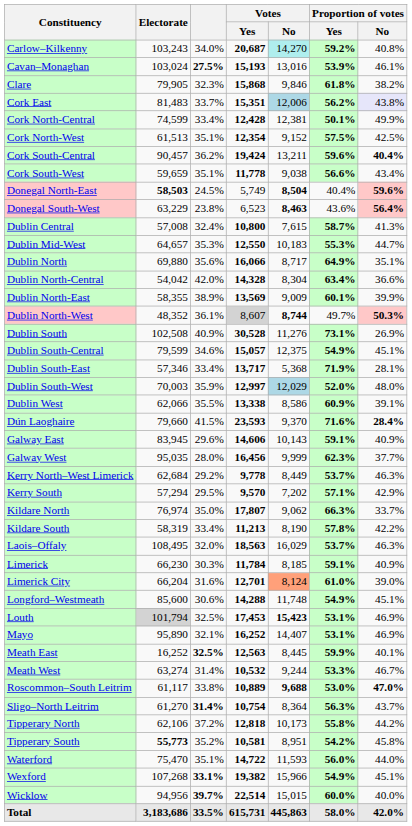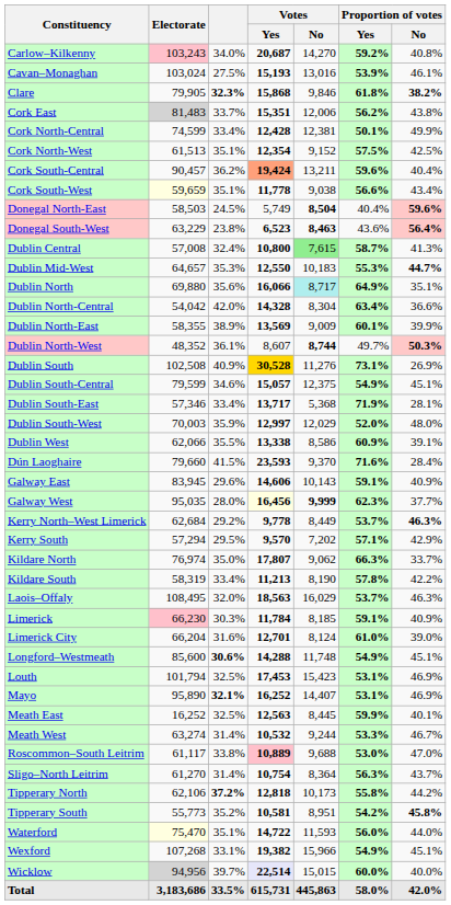 <table class="wikitable sortable">
 <tr>
 <th rowspan=2>Constituency</th>
 <th rowspan=2>Electorate</th>
 <th rowspan=2></th>
 <th colspan=2>Votes</th>
 <th colspan=2>Proportion of votes</th>
 </tr>
 <tr>
 <th>Yes</th>
 <th>No</th>
 <th>Yes</th>
 <th>No</th>
 </tr>
 <tr>
 <td style="background:#c8ffc8;"><a href='#'>Carlow–Kilkenny</a></td>
-<td style="text-align: right;">103,243</td>
+<td style="background: pink; text-align: right;">103,243</td>
 <td style="text-align: right;">34.0%</td>
 <td style="text-align: right;"><strong>20,687</strong></td>
-<td style="background: paleturquoise; text-align: right;">14,270</td>
+<td style="text-align: right;">14,270</td>
 <td style="text-align: right; background:#c8ffc8;"><strong>59.2%</strong></td>
 <td style="text-align: right;">40.8%</td>
 </tr>
 <tr>
 <td style="background:#c8ffc8;"><a href='#'>Cavan–Monaghan</a></td>
 <td style="text-align: right;">103,024</td>
-<td style="text-align: right;"><strong>27.5%</strong></td>
+<td style="text-align: right;">27.5%</td>
 <td style="text-align: right;"><strong>15,193</strong></td>
 <td style="text-align: right;">13,016</td>
 <td style="text-align: right; background:#c8ffc8;"><strong>53.9%</strong></td>
 <td style="text-align: right;">46.1%</td>
 </tr>
 <tr>
 <td style="background:#c8ffc8;"><a href='#'>Clare</a></td>
 <td style="text-align: right;">79,905</td>
-<td style="text-align: right;">32.3%</td>
+<td style="text-align: right;"><strong>32.3%</strong></td>
 <td style="text-align: right;"><strong>15,868</strong></td>
 <td style="text-align: right;">9,846</td>
 <td style="text-align: right; background:#c8ffc8;"><strong>61.8%</strong></td>
-<td style="text-align: right;">38.2%</td>
+<td style="text-align: right;"><strong>38.2%</strong></td>
 </tr>
 <tr>
 <td style="background:#c8ffc8;"><a href='#'>Cork East</a></td>
-<td style="text-align: right;">81,483</td>
+<td style="background: lightgrey; text-align: right;">81,483</td>
 <td style="text-align: right;">33.7%</td>
 <td style="text-align: right;"><strong>15,351</strong></td>
-<td style="background: lightblue; text-align: right;">12,006</td>
+<td style="text-align: right;">12,006</td>
 <td style="text-align: right; background:#c8ffc8;"><strong>56.2%</strong></td>
-<td style="background: lavender; text-align: right;">43.8%</td>
+<td style="text-align: right;">43.8%</td>
 </tr>
 <tr>
 <td style="background:#c8ffc8;"><a href='#'>Cork North-Central</a></td>
 <td style="text-align: right;">74,599</td>
 <td style="text-align: right;">33.4%</td>
 <td style="text-align: right;"><strong>12,428</strong></td>
 <td style="text-align: right;">12,381</td>
 <td style="text-align: right; background:#c8ffc8;"><strong>50.1%</strong></td>
 <td style="text-align: right;">49.9%</td>
 </tr>
 <tr>
 <td style="background:#c8ffc8;"><a href='#'>Cork North-West</a></td>
 <td style="text-align: right;">61,513</td>
 <td style="text-align: right;">35.1%</td>
 <td style="text-align: right;"><strong>12,354</strong></td>
 <td style="text-align: right;">9,152</td>
 <td style="text-align: right; background:#c8ffc8;"><strong>57.5%</strong></td>
 <td style="text-align: right;">42.5%</td>
 </tr>
 <tr>
 <td style="background:#c8ffc8;"><a href='#'>Cork South-Central</a></td>
 <td style="text-align: right;">90,457</td>
 <td style="text-align: right;">36.2%</td>
-<td style="text-align: right;"><strong>19,424</strong></td>
+<td style="background: lightsalmon; text-align: right;"><strong>19,424</strong></td>
 <td style="text-align: right;">13,211</td>
 <td style="text-align: right; background:#c8ffc8;"><strong>59.6%</strong></td>
-<td style="text-align: right;"><strong>40.4%</strong></td>
+<td style="text-align: right;">40.4%</td>
 </tr>
 <tr>
 <td style="background:#c8ffc8;"><a href='#'>Cork South-West</a></td>
-<td style="text-align: right;">59,659</td>
+<td style="background: lightyellow; text-align: right;">59,659</td>
 <td style="text-align: right;">35.1%</td>
 <td style="text-align: right;"><strong>11,778</strong></td>
 <td style="text-align: right;">9,038</td>
 <td style="text-align: right; background:#c8ffc8;"><strong>56.6%</strong></td>
 <td style="text-align: right;">43.4%</td>
 </tr>
 <tr>
 <td style="background:#ffc8c8;"><a href='#'>Donegal North-East</a></td>
-<td style="text-align: right;"><strong>58,503</strong></td>
+<td style="text-align: right;">58,503</td>
 <td style="text-align: right;">24.5%</td>
 <td style="text-align: right;">5,749</td>
 <td style="text-align: right;"><strong>8,504</strong></td>
 <td style="text-align: right;">40.4%</td>
 <td style="text-align: right; background:#ffc8c8;"><strong>59.6%</strong></td>
 </tr>
 <tr>
 <td style="background:#ffc8c8;"><a href='#'>Donegal South-West</a></td>
 <td style="text-align: right;">63,229</td>
 <td style="text-align: right;">23.8%</td>
-<td style="text-align: right;">6,523</td>
+<td style="text-align: right;"><strong>6,523</strong></td>
 <td style="text-align: right;"><strong>8,463</strong></td>
 <td style="text-align: right;">43.6%</td>
 <td style="text-align: right; background:#ffc8c8;"><strong>56.4%</strong></td>
 </tr>
 <tr>
 <td style="background:#c8ffc8;"><a href='#'>Dublin Central</a></td>
 <td style="text-align: right;">57,008</td>
 <td style="text-align: right;">32.4%</td>
 <td style="text-align: right;"><strong>10,800</strong></td>
-<td style="text-align: right;">7,615</td>
+<td style="background: lightgreen; text-align: right;">7,615</td>
 <td style="text-align: right; background:#c8ffc8;"><strong>58.7%</strong></td>
 <td style="text-align: right;">41.3%</td>
 </tr>
 <tr>
 <td style="background:#c8ffc8;"><a href='#'>Dublin Mid-West</a></td>
 <td style="text-align: right;">64,657</td>
 <td style="text-align: right;">35.3%</td>
 <td style="text-align: right;"><strong>12,550</strong></td>
 <td style="text-align: right;">10,183</td>
 <td style="text-align: right; background:#c8ffc8;"><strong>55.3%</strong></td>
-<td style="text-align: right;">44.7%</td>
+<td style="text-align: right;"><strong>44.7%</strong></td>
 </tr>
 <tr>
 <td style="background:#c8ffc8;"><a href='#'>Dublin North</a></td>
 <td style="text-align: right;">69,880</td>
 <td style="text-align: right;">35.6%</td>
 <td style="text-align: right;"><strong>16,066</strong></td>
-<td style="text-align: right;">8,717</td>
+<td style="background: paleturquoise; text-align: right;">8,717</td>
 <td style="text-align: right; background:#c8ffc8;"><strong>64.9%</strong></td>
 <td style="text-align: right;">35.1%</td>
 </tr>
 <tr>
 <td style="background:#c8ffc8;"><a href='#'>Dublin North-Central</a></td>
 <td style="text-align: right;">54,042</td>
 <td style="text-align: right;">42.0%</td>
 <td style="text-align: right;"><strong>14,328</strong></td>
 <td style="text-align: right;">8,304</td>
 <td style="text-align: right; background:#c8ffc8;"><strong>63.4%</strong></td>
 <td style="text-align: right;">36.6%</td>
 </tr>
 <tr>
 <td style="background:#c8ffc8;"><a href='#'>Dublin North-East</a></td>
 <td style="text-align: right;">58,355</td>
 <td style="text-align: right;">38.9%</td>
 <td style="text-align: right;"><strong>13,569</strong></td>
 <td style="text-align: right;">9,009</td>
 <td style="text-align: right; background:#c8ffc8;"><strong>60.1%</strong></td>
 <td style="text-align: right;">39.9%</td>
 </tr>
 <tr>
 <td style="background:#ffc8c8;"><a href='#'>Dublin North-West</a></td>
 <td style="text-align: right;">48,352</td>
 <td style="text-align: right;">36.1%</td>
-<td style="background: lightgrey; text-align: right;">8,607</td>
+<td style="text-align: right;">8,607</td>
 <td style="text-align: right;"><strong>8,744</strong></td>
 <td style="text-align: right;">49.7%</td>
 <td style="text-align: right; background:#ffc8c8;"><strong>50.3%</strong></td>
 </tr>
 <tr>
 <td style="background:#c8ffc8;"><a href='#'>Dublin South</a></td>
 <td style="text-align: right;">102,508</td>
 <td style="text-align: right;">40.9%</td>
-<td style="text-align: right;"><strong>30,528</strong></td>
+<td style="background: gold; text-align: right;"><strong>30,528</strong></td>
 <td style="text-align: right;">11,276</td>
 <td style="text-align: right; background:#c8ffc8;"><strong>73.1%</strong></td>
 <td style="text-align: right;">26.9%</td>
 </tr>
 <tr>
 <td style="background:#c8ffc8;"><a href='#'>Dublin South-Central</a></td>
 <td style="text-align: right;">79,599</td>
 <td style="text-align: right;">34.6%</td>
 <td style="text-align: right;"><strong>15,057</strong></td>
 <td style="text-align: right;">12,375</td>
 <td style="text-align: right; background:#c8ffc8;"><strong>54.9%</strong></td>
 <td style="text-align: right;">45.1%</td>
 </tr>
 <tr>
 <td style="background:#c8ffc8;"><a href='#'>Dublin South-East</a></td>
 <td style="text-align: right;">57,346</td>
 <td style="text-align: right;">33.4%</td>
 <td style="text-align: right;"><strong>13,717</strong></td>
 <td style="text-align: right;">5,368</td>
 <td style="text-align: right; background:#c8ffc8;"><strong>71.9%</strong></td>
 <td style="text-align: right;">28.1%</td>
 </tr>
 <tr>
 <td style="background:#c8ffc8;"><a href='#'>Dublin South-West</a></td>
 <td style="text-align: right;">70,003</td>
 <td style="text-align: right;">35.9%</td>
 <td style="text-align: right;"><strong>12,997</strong></td>
-<td style="background: lightblue; text-align: right;">12,029</td>
+<td style="text-align: right;">12,029</td>
 <td style="text-align: right; background:#c8ffc8;"><strong>52.0%</strong></td>
 <td style="text-align: right;">48.0%</td>
 </tr>
 <tr>
 <td style="background:#c8ffc8;"><a href='#'>Dublin West</a></td>
 <td style="text-align: right;">62,066</td>
 <td style="text-align: right;">35.5%</td>
 <td style="text-align: right;"><strong>13,338</strong></td>
 <td style="text-align: right;">8,586</td>
 <td style="text-align: right; background:#c8ffc8;"><strong>60.9%</strong></td>
 <td style="text-align: right;">39.1%</td>
 </tr>
 <tr>
 <td style="background:#c8ffc8;"><a href='#'>Dún Laoghaire</a></td>
 <td style="text-align: right;">79,660</td>
 <td style="text-align: right;">41.5%</td>
 <td style="text-align: right;"><strong>23,593</strong></td>
 <td style="text-align: right;">9,370</td>
 <td style="text-align: right; background:#c8ffc8;"><strong>71.6%</strong></td>
-<td style="text-align: right;"><strong>28.4%</strong></td>
+<td style="text-align: right;">28.4%</td>
 </tr>
 <tr>
 <td style="background:#c8ffc8;"><a href='#'>Galway East</a></td>
 <td style="text-align: right;">83,945</td>
 <td style="text-align: right;">29.6%</td>
 <td style="text-align: right;"><strong>14,606</strong></td>
 <td style="text-align: right;">10,143</td>
 <td style="text-align: right; background:#c8ffc8;"><strong>59.1%</strong></td>
 <td style="text-align: right;">40.9%</td>
 </tr>
 <tr>
 <td style="background:#c8ffc8;"><a href='#'>Galway West</a></td>
 <td style="text-align: right;">95,035</td>
 <td style="text-align: right;">28.0%</td>
-<td style="text-align: right;"><strong>16,456</strong></td>
-<td style="text-align: right;">9,999</td>
+<td style="background: lightyellow; text-align: right;"><strong>16,456</strong></td>
+<td style="text-align: right;"><strong>9,999</strong></td>
 <td style="text-align: right; background:#c8ffc8;"><strong>62.3%</strong></td>
 <td style="text-align: right;">37.7%</td>
 </tr>
 <tr>
 <td style="background:#c8ffc8;"><a href='#'>Kerry North–West Limerick</a></td>
 <td style="text-align: right;">62,684</td>
 <td style="text-align: right;">29.2%</td>
 <td style="text-align: right;"><strong>9,778</strong></td>
 <td style="text-align: right;">8,449</td>
 <td style="text-align: right; background:#c8ffc8;"><strong>53.7%</strong></td>
-<td style="text-align: right;">46.3%</td>
+<td style="text-align: right;"><strong>46.3%</strong></td>
 </tr>
 <tr>
 <td style="background:#c8ffc8;"><a href='#'>Kerry South</a></td>
 <td style="text-align: right;">57,294</td>
 <td style="text-align: right;">29.5%</td>
 <td style="text-align: right;"><strong>9,570</strong></td>
 <td style="text-align: right;">7,202</td>
 <td style="text-align: right; background:#c8ffc8;"><strong>57.1%</strong></td>
 <td style="text-align: right;">42.9%</td>
 </tr>
 <tr>
 <td style="background:#c8ffc8;"><a href='#'>Kildare North</a></td>
 <td style="text-align: right;">76,974</td>
 <td style="text-align: right;">35.0%</td>
 <td style="text-align: right;"><strong>17,807</strong></td>
 <td style="text-align: right;">9,062</td>
 <td style="text-align: right; background:#c8ffc8;"><strong>66.3%</strong></td>
 <td style="text-align: right;">33.7%</td>
 </tr>
 <tr>
 <td style="background:#c8ffc8;"><a href='#'>Kildare South</a></td>
 <td style="text-align: right;">58,319</td>
 <td style="text-align: right;">33.4%</td>
 <td style="text-align: right;"><strong>11,213</strong></td>
 <td style="text-align: right;">8,190</td>
 <td style="text-align: right; background:#c8ffc8;"><strong>57.8%</strong></td>
 <td style="text-align: right;">42.2%</td>
 </tr>
 <tr>
 <td style="background:#c8ffc8;"><a href='#'>Laois–Offaly</a></td>
 <td style="text-align: right;">108,495</td>
 <td style="text-align: right;">32.0%</td>
 <td style="text-align: right;"><strong>18,563</strong></td>
 <td style="text-align: right;">16,029</td>
 <td style="text-align: right; background:#c8ffc8;"><strong>53.7%</strong></td>
 <td style="text-align: right;">46.3%</td>
 </tr>
 <tr>
 <td style="background:#c8ffc8;"><a href='#'>Limerick</a></td>
-<td style="text-align: right;">66,230</td>
+<td style="background: pink; text-align: right;">66,230</td>
 <td style="text-align: right;">30.3%</td>
 <td style="text-align: right;"><strong>11,784</strong></td>
 <td style="text-align: right;">8,185</td>
 <td style="text-align: right; background:#c8ffc8;"><strong>59.1%</strong></td>
 <td style="text-align: right;">40.9%</td>
 </tr>
 <tr>
 <td style="background:#c8ffc8;"><a href='#'>Limerick City</a></td>
 <td style="text-align: right;">66,204</td>
 <td style="text-align: right;">31.6%</td>
 <td style="text-align: right;"><strong>12,701</strong></td>
-<td style="background: lightsalmon; text-align: right;">8,124</td>
+<td style="text-align: right;">8,124</td>
 <td style="text-align: right; background:#c8ffc8;"><strong>61.0%</strong></td>
 <td style="text-align: right;">39.0%</td>
 </tr>
 <tr>
 <td style="background:#c8ffc8;"><a href='#'>Longford–Westmeath</a></td>
 <td style="text-align: right;">85,600</td>
-<td style="text-align: right;">30.6%</td>
+<td style="text-align: right;"><strong>30.6%</strong></td>
 <td style="text-align: right;"><strong>14,288</strong></td>
 <td style="text-align: right;">11,748</td>
 <td style="text-align: right; background:#c8ffc8;"><strong>54.9%</strong></td>
 <td style="text-align: right;">45.1%</td>
 </tr>
 <tr>
 <td style="background:#c8ffc8;"><a href='#'>Louth</a></td>
-<td style="background: lightgrey; text-align: right;">101,794</td>
+<td style="text-align: right;">101,794</td>
 <td style="text-align: right;">32.5%</td>
 <td style="text-align: right;"><strong>17,453</strong></td>
-<td style="text-align: right;"><strong>15,423</strong></td>
+<td style="text-align: right;">15,423</td>
 <td style="text-align: right; background:#c8ffc8;"><strong>53.1%</strong></td>
 <td style="text-align: right;">46.9%</td>
 </tr>
 <tr>
 <td style="background:#c8ffc8;"><a href='#'>Mayo</a></td>
 <td style="text-align: right;">95,890</td>
-<td style="text-align: right;">32.1%</td>
+<td style="text-align: right;"><strong>32.1%</strong></td>
 <td style="text-align: right;"><strong>16,252</strong></td>
 <td style="text-align: right;">14,407</td>
 <td style="text-align: right; background:#c8ffc8;"><strong>53.1%</strong></td>
 <td style="text-align: right;">46.9%</td>
 </tr>
 <tr>
 <td style="background:#c8ffc8;"><a href='#'>Meath East</a></td>
 <td style="text-align: right;">16,252</td>
-<td style="text-align: right;"><strong>32.5%</strong></td>
+<td style="text-align: right;">32.5%</td>
 <td style="text-align: right;"><strong>12,563 </strong></td>
 <td style="text-align: right;">8,445</td>
 <td style="text-align: right; background:#c8ffc8;"><strong>59.9%</strong></td>
 <td style="text-align: right;">40.1%</td>
 </tr>
 <tr>
 <td style="background:#c8ffc8;"><a href='#'>Meath West</a></td>
 <td style="text-align: right;">63,274</td>
 <td style="text-align: right;">31.4%</td>
 <td style="text-align: right;"><strong>10,532</strong></td>
 <td style="text-align: right;">9,244</td>
 <td style="text-align: right; background:#c8ffc8;"><strong>53.3%</strong></td>
 <td style="text-align: right;">46.7%</td>
 </tr>
 <tr>
 <td style="background:#c8ffc8;"><a href='#'>Roscommon–South Leitrim</a></td>
 <td style="text-align: right;">61,117</td>
 <td style="text-align: right;">33.8%</td>
-<td style="text-align: right;"><strong>10,889</strong></td>
-<td style="text-align: right;"><strong>9,688</strong></td>
+<td style="background: pink; text-align: right;"><strong>10,889</strong></td>
+<td style="text-align: right;">9,688</td>
 <td style="text-align: right; background:#c8ffc8;"><strong>53.0%</strong></td>
-<td style="text-align: right;"><strong>47.0%</strong></td>
+<td style="text-align: right;">47.0%</td>
 </tr>
 <tr>
 <td style="background:#c8ffc8;"><a href='#'>Sligo–North Leitrim</a></td>
 <td style="text-align: right;">61,270</td>
-<td style="text-align: right;"><strong>31.4%</strong></td>
+<td style="text-align: right;">31.4%</td>
 <td style="text-align: right;"><strong>10,754</strong></td>
 <td style="text-align: right;">8,364</td>
 <td style="text-align: right; background:#c8ffc8;"><strong>56.3%</strong></td>
 <td style="text-align: right;">43.7%</td>
 </tr>
 <tr>
 <td style="background:#c8ffc8;"><a href='#'>Tipperary North</a></td>
 <td style="text-align: right;">62,106</td>
-<td style="text-align: right;">37.2%</td>
+<td style="text-align: right;"><strong>37.2%</strong></td>
 <td style="text-align: right;"><strong>12,818</strong></td>
 <td style="text-align: right;">10,173</td>
 <td style="text-align: right; background:#c8ffc8;"><strong>55.8%</strong></td>
 <td style="text-align: right;">44.2%</td>
 </tr>
 <tr>
 <td style="background:#c8ffc8;"><a href='#'>Tipperary South</a></td>
-<td style="text-align: right;"><strong>55,773</strong></td>
+<td style="text-align: right;">55,773</td>
 <td style="text-align: right;">35.2%</td>
 <td style="text-align: right;"><strong>10,581</strong></td>
 <td style="text-align: right;">8,951</td>
 <td style="text-align: right; background:#c8ffc8;"><strong>54.2%</strong></td>
-<td style="text-align: right;">45.8%</td>
+<td style="text-align: right;"><strong>45.8%</strong></td>
 </tr>
 <tr>
 <td style="background:#c8ffc8;"><a href='#'>Waterford</a></td>
-<td style="text-align: right;">75,470</td>
+<td style="background: lightyellow; text-align: right;">75,470</td>
 <td style="text-align: right;">35.1%</td>
 <td style="text-align: right;"><strong>14,722</strong></td>
 <td style="text-align: right;">11,593</td>
 <td style="text-align: right; background:#c8ffc8;"><strong>56.0%</strong></td>
 <td style="text-align: right;">44.0%</td>
 </tr>
 <tr>
 <td style="background:#c8ffc8;"><a href='#'>Wexford</a></td>
 <td style="text-align: right;">107,268</td>
-<td style="text-align: right;"><strong>33.1%</strong></td>
+<td style="text-align: right;">33.1%</td>
 <td style="text-align: right;"><strong>19,382</strong></td>
 <td style="text-align: right;">15,966</td>
 <td style="text-align: right; background:#c8ffc8;"><strong>54.9%</strong></td>
 <td style="text-align: right;">45.1%</td>
 </tr>
 <tr>
 <td style="background:#c8ffc8;"><a href='#'>Wicklow</a></td>
-<td style="text-align: right;">94,956</td>
-<td style="text-align: right;"><strong>39.7%</strong></td>
-<td style="text-align: right;"><strong>22,514</strong></td>
+<td style="background: lightgrey; text-align: right;">94,956</td>
+<td style="text-align: right;">39.7%</td>
+<td style="background: lavender; text-align: right;"><strong>22,514</strong></td>
 <td style="text-align: right;">15,015</td>
 <td style="text-align: right; background:#c8ffc8;"><strong>60.0%</strong></td>
 <td style="text-align: right;">40.0%</td>
 </tr>
 <tr class="sortbottom" style="font-weight:bold; background:rgb(232,232,232);">
 <td>Total</td>
 <td style="text-align: right;">3,183,686</td>
 <td style="text-align: right;">33.5%</td>
 <td style="text-align: right;">615,731</td>
 <td style="text-align: right;">445,863</td>
 <td style="text-align: right;">58.0%</td>
 <td style="text-align: right;">42.0%</td>
 </tr>
 </table>
